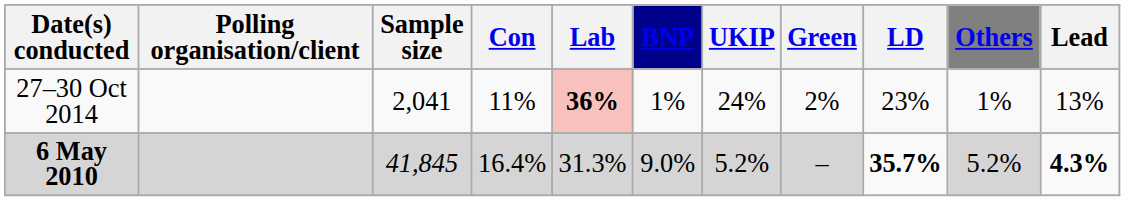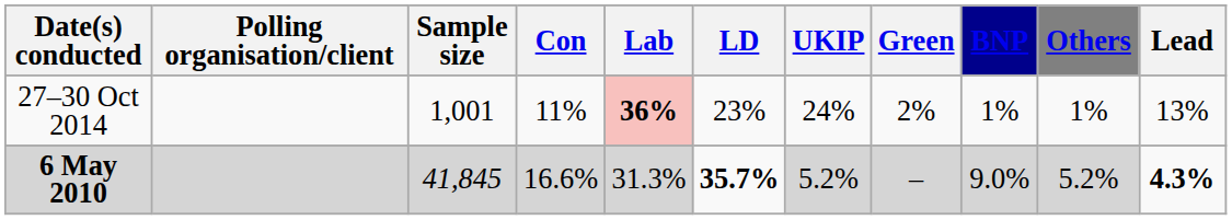 <table class="wikitable sortable" style="text-align:center;font-size:90%;line-height:14px">
 <tr>
 <th ! style="width:100px;">Date(s)<br>conducted</th>
 <th style="width:200px;">Polling organisation/client</th>
 <th class="unsortable" style="width:75px;">Sample size</th>
 <th class="unsortable" style="background:"><a href='#'><span>Con</span></a></th>
 <th class="unsortable" style="background:"><a href='#'><span>Lab</span></a></th>
-<th class="unsortable" style="background:#00008B; text-color:white; width:50px;"><a href='#'><span>BNP</span></a></th>
+<th class="unsortable" style="background:"><a href='#'><span>LD</span></a></th>
 <th class="unsortable" style="background:"><a href='#'><span>UKIP</span></a></th>
 <th class="unsortable" style="background:"><a href='#'><span>Green</span></a></th>
-<th class="unsortable" style="background:"><a href='#'><span>LD</span></a></th>
+<th class="unsortable" style="background:#00008B; text-color:white; width:50px;"><a href='#'><span>BNP</span></a></th>
 <th class="unsortable" style="background:gray; width:60px;"><a href='#'><span>Others</span></a></th>
 <th class="unsortable" style="width:80px;">Lead</th>
 </tr>
 <tr>
 <td>27–30 Oct 2014</td>
 <td> </td>
-<td>2,041</td>
+<td>1,001</td>
 <td>11%</td>
 <td style="background:#F8C1BE"><strong>36%</strong></td>
-<td>1%</td>
+<td>23%</td>
 <td>24%</td>
 <td>2%</td>
-<td>23%</td>
+<td>1%</td>
 <td>1%</td>
 <td style="background:">13%</td>
 </tr>
 <tr>
 <td style="background:#D5D5D5"><strong>6 May 2010</strong></td>
 <td style="background:#D5D5D5"></td>
 <td style="background:#D5D5D5"><em>41,845</em></td>
-<td style="background:#D5D5D5">16.4%</td>
+<td style="background:#D5D5D5">16.6%</td>
 <td style="background:#D5D5D5">31.3%</td>
-<td style="background:#D5D5D5">9.0%</td>
+<td style="background:"><strong>35.7%</strong></td>
 <td style="background:#D5D5D5">5.2%</td>
 <td style="background:#D5D5D5">–</td>
-<td style="background:"><strong>35.7%</strong></td>
+<td style="background:#D5D5D5">9.0%</td>
 <td style="background:#D5D5D5">5.2%</td>
 <td style="background:"><strong>4.3% </strong></td>
 </tr>
 </table>
